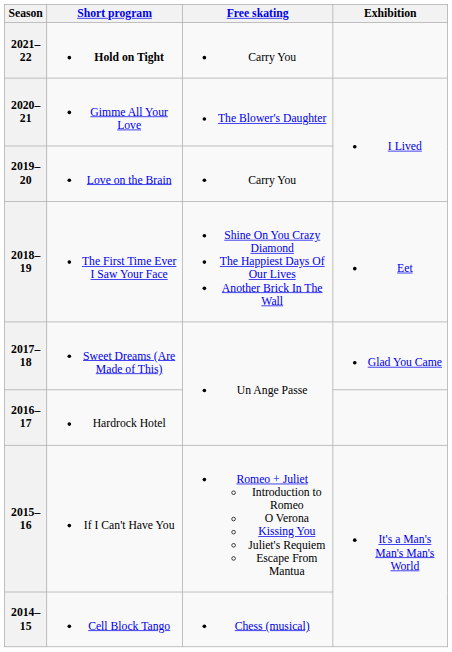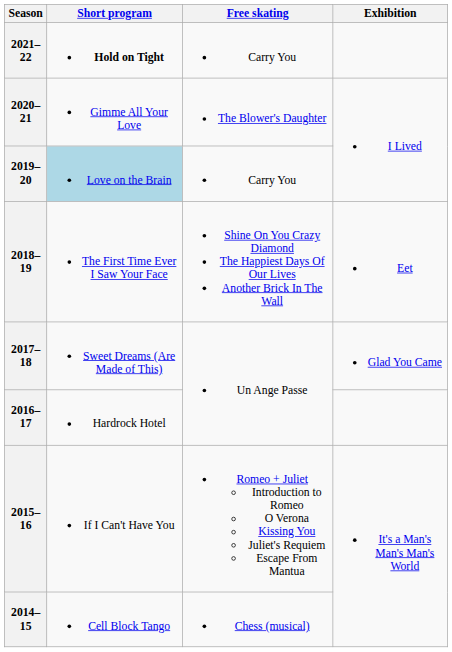 <table class="wikitable" style="text-align: center">
 <tr>
 <th>Season</th>
 <th><a href='#'>Short program</a></th>
 <th><a href='#'>Free skating</a></th>
 <th>Exhibition</th>
 </tr>
 <tr>
 <th>2021–22 <br> </th>
 <td><strong><br><ul><li>Hold on Tight <br> </li></ul></strong></td>
 <td><br><ul><li>Carry You <br> </li></ul></td>
 <td></td>
 </tr>
 <tr>
 <th>2020–21 <br> </th>
 <td><br><ul><li><a href='#'>Gimme All Your Love</a> <br> </li></ul></td>
 <td><br><ul><li><a href='#'>The Blower's Daughter</a> <br> </li></ul></td>
 <td rowspan=2><br><ul><li><a href='#'>I Lived</a> <br> </li></ul></td>
 </tr>
 <tr>
 <th>2019–20 <br> </th>
-<td><br><ul><li><a href='#'>Love on the Brain</a> <br> </li></ul></td>
+<td style="background: lightblue;"><br><ul><li><a href='#'>Love on the Brain</a> <br> </li></ul></td>
 <td><br><ul><li>Carry You <br> </li></ul></td>
 </tr>
 <tr>
 <th>2018–19 <br> </th>
 <td><br><ul><li><a href='#'>The First Time Ever I Saw Your Face</a> <br> </li></ul></td>
 <td><br><ul><li><a href='#'>Shine On You Crazy Diamond</a></li><li><a href='#'>The Happiest Days Of Our Lives</a></li><li><a href='#'>Another Brick In The Wall</a> <br> </li></ul></td>
 <td><br><ul><li><a href='#'>Eet</a> <br></li></ul></td>
 </tr>
 <tr>
 <th>2017–18 <br> </th>
 <td><br><ul><li><a href='#'>Sweet Dreams (Are Made of This)</a> <br></li></ul></td>
 <td rowspan=2><br><ul><li>Un Ange Passe <br></li></ul></td>
 <td><br><ul><li><a href='#'>Glad You Came</a> <br></li></ul></td>
 </tr>
 <tr>
 <th>2016–17 <br> </th>
 <td><br><ul><li>Hardrock Hotel <br></li></ul></td>
 <td></td>
 </tr>
 <tr>
 <th>2015–16 <br> </th>
 <td><br><ul><li>If I Can't Have You <br></li></ul></td>
 <td><br><ul><li><a href='#'>Romeo + Juliet</a><ul><li>Introduction to Romeo</li><li>O Verona <br></li><li><a href='#'>Kissing You</a><br></li><li>Juliet's Requiem</li><li>Escape From Mantua <br></li></ul></li></ul></td>
 <td rowspan=2><br><ul><li><a href='#'>It's a Man's Man's Man's World</a> <br></li></ul></td>
 </tr>
 <tr>
 <th>2014–15 <br> </th>
 <td><br><ul><li><a href='#'>Cell Block Tango</a> <br></li></ul></td>
 <td><br><ul><li><a href='#'>Chess (musical)</a> <br></li></ul></td>
 </tr>
 </table>
